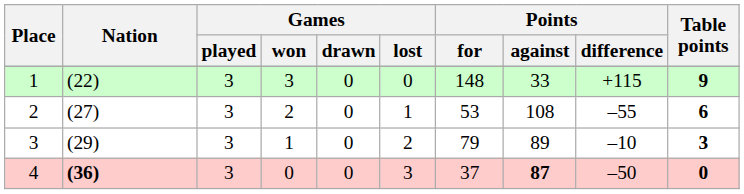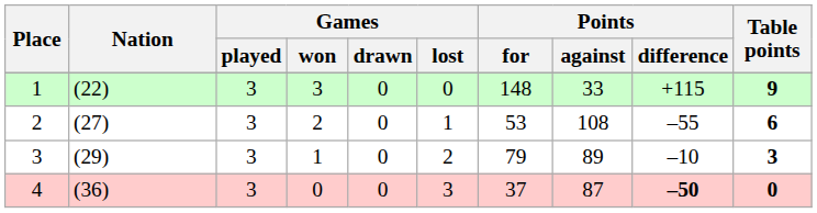 <table class="wikitable">
 <tr>
 <th rowspan=2 width="8%">Place</th>
 <th rowspan=2 width="20%">Nation</th>
 <th colspan=4 width="32%">Games</th>
 <th colspan=3 width="30%">Points</th>
 <th rowspan=2 width="10%">Table<br>points</th>
 </tr>
 <tr>
 <th width="8%">played</th>
 <th width="8%">won</th>
 <th width="8%">drawn</th>
 <th width="8%">lost</th>
 <th width="10%">for</th>
 <th width="10%">against</th>
 <th width="10%">difference</th>
 </tr>
 <tr>
 </tr>
 <tr bgcolor=#ccffcc align=center>
 <td>1</td>
 <td align=left> (22)</td>
 <td>3</td>
 <td>3</td>
 <td>0</td>
 <td>0</td>
 <td>148</td>
 <td>33</td>
 <td>+115</td>
 <td><strong>9</strong></td>
 </tr>
 <tr bgcolor=#ffffff align=center>
 <td>2</td>
 <td align=left> (27)</td>
 <td>3</td>
 <td>2</td>
 <td>0</td>
 <td>1</td>
 <td>53</td>
 <td>108</td>
 <td>–55</td>
 <td><strong>6</strong></td>
 </tr>
 <tr bgcolor=#ffffff align=center>
 <td>3</td>
 <td align=left> (29)</td>
 <td>3</td>
 <td>1</td>
 <td>0</td>
 <td>2</td>
 <td>79</td>
 <td>89</td>
 <td>–10</td>
 <td><strong>3</strong></td>
 </tr>
 <tr style="background:#fcc" align=center>
 <td>4</td>
-<td align=left><strong> (36)</strong></td>
+<td align=left> (36)</td>
 <td>3</td>
 <td>0</td>
 <td>0</td>
 <td>3</td>
 <td>37</td>
-<td><strong>87</strong></td>
-<td>–50</td>
+<td>87</td>
+<td><strong>–50</strong></td>
 <td><strong>0</strong></td>
 </tr>
 </table>
